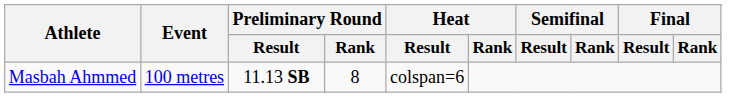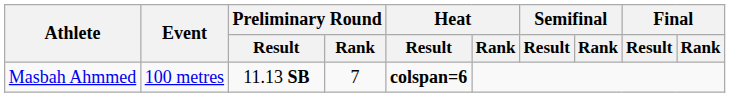 <table class="wikitable" style="font-size:90%">
 <tr>
 <th rowspan="2">Athlete</th>
 <th rowspan="2">Event</th>
 <th colspan="2">Preliminary Round</th>
 <th colspan="2">Heat</th>
 <th colspan="2">Semifinal</th>
 <th colspan="2">Final</th>
 </tr>
 <tr style="font-size:95%">
 <th>Result</th>
 <th>Rank</th>
 <th>Result</th>
 <th>Rank</th>
 <th>Result</th>
 <th>Rank</th>
 <th>Result</th>
 <th>Rank</th>
 </tr>
 <tr style=text-align:center>
 <td style=text-align:left><a href='#'>Masbah Ahmmed</a></td>
 <td style=text-align:left><a href='#'>100 metres</a></td>
 <td>11.13 <strong>SB</strong></td>
-<td>8</td>
-<td>colspan=6 </td>
+<td>7</td>
+<td><strong>colspan=6 </strong></td>
 </tr>
 </table>
